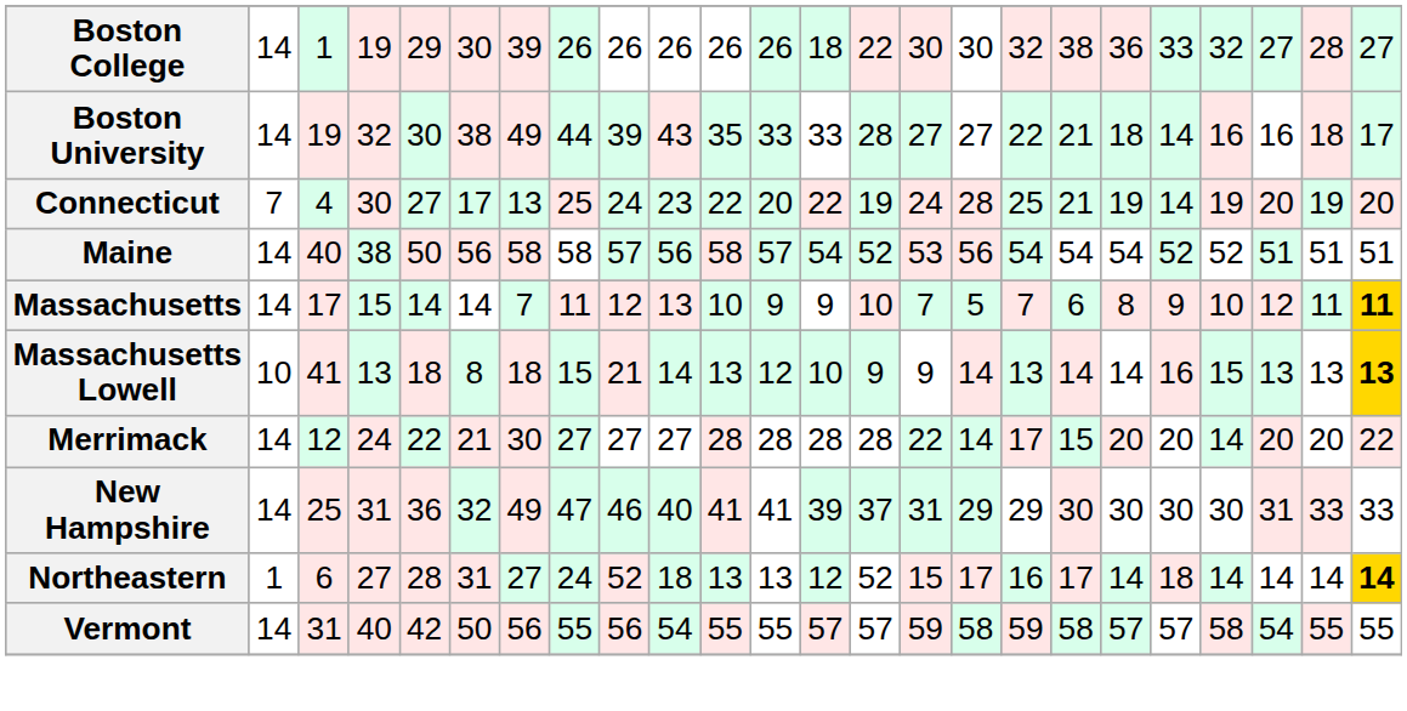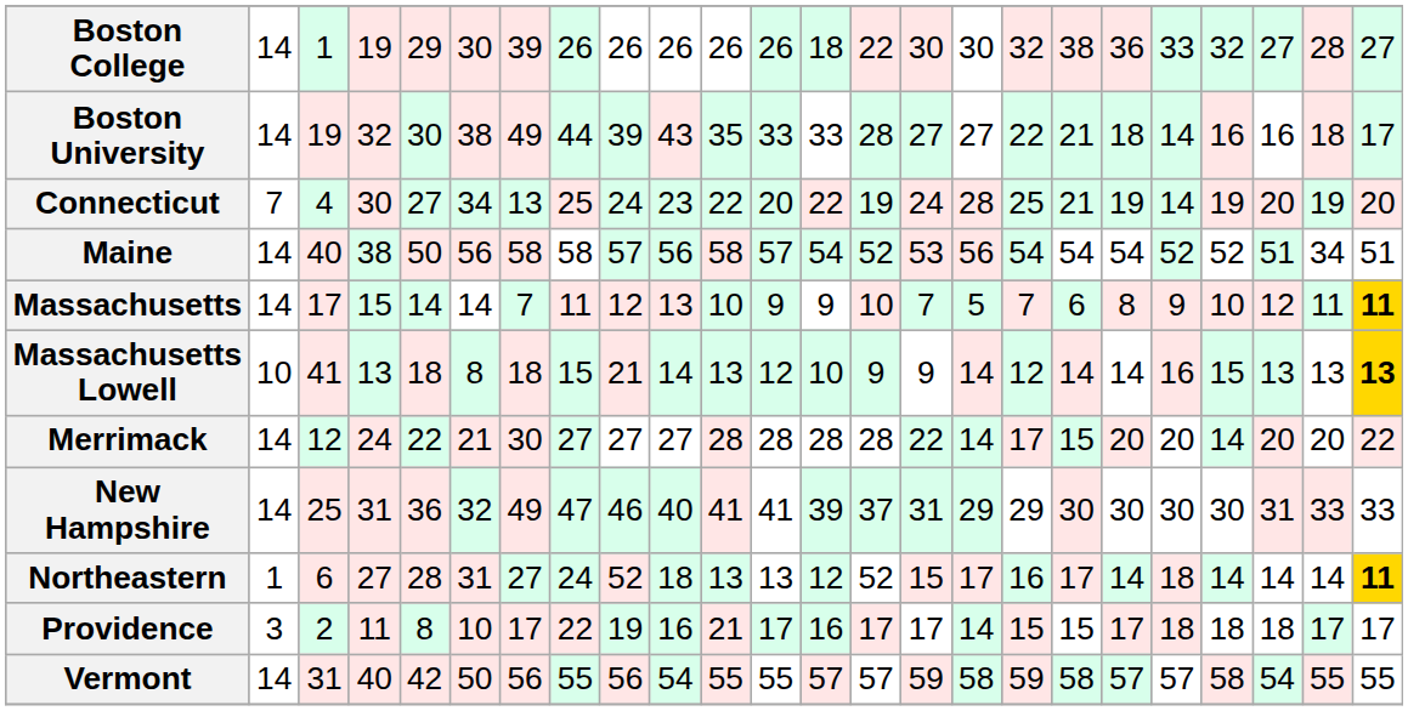 <table class="wikitable sortable" style="text-align: center;">
 <tr>
 </tr>
 <tr>
 <th>Boston College</th>
 <td bgcolor=FFFFFF>14</td>
 <td bgcolor=D8FFEB>1</td>
 <td bgcolor=FFE6E6>19</td>
 <td bgcolor=FFE6E6>29</td>
 <td bgcolor=FFE6E6>30</td>
 <td bgcolor=FFE6E6>39</td>
 <td bgcolor=D8FFEB>26</td>
 <td bgcolor=FFFFFF>26</td>
 <td bgcolor=FFFFFF>26</td>
 <td bgcolor=FFFFFF>26</td>
 <td bgcolor=D8FFEB>26</td>
 <td bgcolor=D8FFEB>18</td>
 <td bgcolor=FFE6E6>22</td>
 <td bgcolor=FFE6E6>30</td>
 <td bgcolor=FFFFFF>30</td>
 <td bgcolor=FFE6E6>32</td>
 <td bgcolor=FFE6E6>38</td>
 <td bgcolor=FFE6E6>36</td>
 <td bgcolor=D8FFEB>33</td>
 <td bgcolor=D8FFEB>32</td>
 <td bgcolor=D8FFEB>27</td>
 <td bgcolor=FFE6E6>28</td>
 <td bgcolor=D8FFEB>27</td>
 </tr>
 <tr>
 <th>Boston University</th>
 <td bgcolor=FFFFFF>14</td>
 <td bgcolor=FFE6E6>19</td>
 <td bgcolor=FFE6E6>32</td>
 <td bgcolor=D8FFEB>30</td>
 <td bgcolor=FFE6E6>38</td>
 <td bgcolor=FFE6E6>49</td>
 <td bgcolor=D8FFEB>44</td>
 <td bgcolor=D8FFEB>39</td>
 <td bgcolor=FFE6E6>43</td>
 <td bgcolor=D8FFEB>35</td>
 <td bgcolor=D8FFEB>33</td>
 <td bgcolor=FFFFFF>33</td>
 <td bgcolor=D8FFEB>28</td>
 <td bgcolor=D8FFEB>27</td>
 <td bgcolor=FFFFFF>27</td>
 <td bgcolor=D8FFEB>22</td>
 <td bgcolor=D8FFEB>21</td>
 <td bgcolor=D8FFEB>18</td>
 <td bgcolor=D8FFEB>14</td>
 <td bgcolor=FFE6E6>16</td>
 <td bgcolor=FFFFFF>16</td>
 <td bgcolor=FFE6E6>18</td>
 <td bgcolor=D8FFEB>17</td>
 </tr>
 <tr>
 <th>Connecticut</th>
 <td bgcolor=FFFFFF>7</td>
 <td bgcolor=D8FFEB>4</td>
 <td bgcolor=FFE6E6>30</td>
 <td bgcolor=D8FFEB>27</td>
-<td bgcolor=D8FFEB>17</td>
+<td bgcolor=D8FFEB>34</td>
 <td bgcolor=D8FFEB>13</td>
 <td bgcolor=FFE6E6>25</td>
 <td bgcolor=D8FFEB>24</td>
 <td bgcolor=D8FFEB>23</td>
 <td bgcolor=D8FFEB>22</td>
 <td bgcolor=D8FFEB>20</td>
 <td bgcolor=FFE6E6>22</td>
 <td bgcolor=D8FFEB>19</td>
 <td bgcolor=FFE6E6>24</td>
 <td bgcolor=FFE6E6>28</td>
 <td bgcolor=D8FFEB>25</td>
 <td bgcolor=D8FFEB>21</td>
 <td bgcolor=D8FFEB>19</td>
 <td bgcolor=D8FFEB>14</td>
 <td bgcolor=FFE6E6>19</td>
 <td bgcolor=FFE6E6>20</td>
 <td bgcolor=D8FFEB>19</td>
 <td bgcolor=FFE6E6>20</td>
 </tr>
 <tr>
 <th>Maine</th>
 <td bgcolor=FFFFFF>14</td>
 <td bgcolor=FFE6E6>40</td>
 <td bgcolor=D8FFEB>38</td>
 <td bgcolor=FFE6E6>50</td>
 <td bgcolor=FFE6E6>56</td>
 <td bgcolor=FFE6E6>58</td>
 <td bgcolor=FFFFFF>58</td>
 <td bgcolor=D8FFEB>57</td>
 <td bgcolor=D8FFEB>56</td>
 <td bgcolor=FFE6E6>58</td>
 <td bgcolor=D8FFEB>57</td>
 <td bgcolor=D8FFEB>54</td>
 <td bgcolor=D8FFEB>52</td>
 <td bgcolor=FFE6E6>53</td>
 <td bgcolor=FFE6E6>56</td>
 <td bgcolor=D8FFEB>54</td>
 <td bgcolor=FFFFFF>54</td>
 <td bgcolor=FFFFFF>54</td>
 <td bgcolor=D8FFEB>52</td>
 <td bgcolor=FFFFFF>52</td>
 <td bgcolor=D8FFEB>51</td>
-<td bgcolor=FFFFFF>51</td>
+<td bgcolor=FFFFFF>34</td>
 <td bgcolor=FFFFFF>51</td>
 </tr>
 <tr>
 <th>Massachusetts</th>
 <td bgcolor=FFFFFF>14</td>
 <td bgcolor=FFE6E6>17</td>
 <td bgcolor=D8FFEB>15</td>
 <td bgcolor=D8FFEB>14</td>
 <td bgcolor=FFFFFF>14</td>
 <td bgcolor=D8FFEB>7</td>
 <td bgcolor=FFE6E6>11</td>
 <td bgcolor=FFE6E6>12</td>
 <td bgcolor=FFE6E6>13</td>
 <td bgcolor=D8FFEB>10</td>
 <td bgcolor=D8FFEB>9</td>
 <td bgcolor=FFFFFF>9</td>
 <td bgcolor=FFE6E6>10</td>
 <td bgcolor=D8FFEB>7</td>
 <td bgcolor=D8FFEB>5</td>
 <td bgcolor=FFE6E6>7</td>
 <td bgcolor=D8FFEB>6</td>
 <td bgcolor=FFE6E6>8</td>
 <td bgcolor=FFE6E6>9</td>
 <td bgcolor=FFE6E6>10</td>
 <td bgcolor=FFE6E6>12</td>
 <td bgcolor=D8FFEB>11</td>
 <td bgcolor=gold><strong>11</strong></td>
 </tr>
 <tr>
 <th>Massachusetts Lowell</th>
 <td bgcolor=FFFFFF>10</td>
 <td bgcolor=FFE6E6>41</td>
 <td bgcolor=D8FFEB>13</td>
 <td bgcolor=FFE6E6>18</td>
 <td bgcolor=D8FFEB>8</td>
 <td bgcolor=FFE6E6>18</td>
 <td bgcolor=D8FFEB>15</td>
 <td bgcolor=FFE6E6>21</td>
 <td bgcolor=D8FFEB>14</td>
 <td bgcolor=D8FFEB>13</td>
 <td bgcolor=D8FFEB>12</td>
 <td bgcolor=D8FFEB>10</td>
 <td bgcolor=D8FFEB>9</td>
 <td bgcolor=FFFFFF>9</td>
 <td bgcolor=FFE6E6>14</td>
-<td bgcolor=D8FFEB>13</td>
+<td bgcolor=D8FFEB>12</td>
 <td bgcolor=FFE6E6>14</td>
 <td bgcolor=FFFFFF>14</td>
 <td bgcolor=FFE6E6>16</td>
 <td bgcolor=D8FFEB>15</td>
 <td bgcolor=D8FFEB>13</td>
 <td bgcolor=FFFFFF>13</td>
 <td bgcolor=gold><strong>13</strong></td>
 </tr>
 <tr>
 <th>Merrimack</th>
 <td bgcolor=FFFFFF>14</td>
 <td bgcolor=D8FFEB>12</td>
 <td bgcolor=FFE6E6>24</td>
 <td bgcolor=D8FFEB>22</td>
 <td bgcolor=FFE6E6>21</td>
 <td bgcolor=FFE6E6>30</td>
 <td bgcolor=D8FFEB>27</td>
 <td bgcolor=FFFFFF>27</td>
 <td bgcolor=FFFFFF>27</td>
 <td bgcolor=FFE6E6>28</td>
 <td bgcolor=FFFFFF>28</td>
 <td bgcolor=FFFFFF>28</td>
 <td bgcolor=FFFFFF>28</td>
 <td bgcolor=D8FFEB>22</td>
 <td bgcolor=D8FFEB>14</td>
 <td bgcolor=FFE6E6>17</td>
 <td bgcolor=D8FFEB>15</td>
 <td bgcolor=FFE6E6>20</td>
 <td bgcolor=FFFFFF>20</td>
 <td bgcolor=D8FFEB>14</td>
 <td bgcolor=FFE6E6>20</td>
 <td bgcolor=FFFFFF>20</td>
 <td bgcolor=FFE6E6>22</td>
 </tr>
 <tr>
 <th>New Hampshire</th>
 <td bgcolor=FFFFFF>14</td>
 <td bgcolor=FFE6E6>25</td>
 <td bgcolor=FFE6E6>31</td>
 <td bgcolor=FFE6E6>36</td>
 <td bgcolor=D8FFEB>32</td>
 <td bgcolor=FFE6E6>49</td>
 <td bgcolor=D8FFEB>47</td>
 <td bgcolor=D8FFEB>46</td>
 <td bgcolor=D8FFEB>40</td>
 <td bgcolor=FFE6E6>41</td>
 <td bgcolor=FFFFFF>41</td>
 <td bgcolor=D8FFEB>39</td>
 <td bgcolor=D8FFEB>37</td>
 <td bgcolor=D8FFEB>31</td>
 <td bgcolor=D8FFEB>29</td>
 <td bgcolor=FFFFFF>29</td>
 <td bgcolor=FFE6E6>30</td>
 <td bgcolor=FFFFFF>30</td>
 <td bgcolor=FFFFFF>30</td>
 <td bgcolor=FFFFFF>30</td>
 <td bgcolor=FFE6E6>31</td>
 <td bgcolor=FFE6E6>33</td>
 <td bgcolor=FFFFFF>33</td>
 </tr>
 <tr>
 <th>Northeastern</th>
 <td bgcolor=FFFFFF>1</td>
 <td bgcolor=FFE6E6>6</td>
 <td bgcolor=FFE6E6>27</td>
 <td bgcolor=FFE6E6>28</td>
 <td bgcolor=FFE6E6>31</td>
 <td bgcolor=D8FFEB>27</td>
 <td bgcolor=D8FFEB>24</td>
 <td bgcolor=FFE6E6>52</td>
 <td bgcolor=D8FFEB>18</td>
 <td bgcolor=D8FFEB>13</td>
 <td bgcolor=FFFFFF>13</td>
 <td bgcolor=D8FFEB>12</td>
 <td bgcolor=FFFFFF>52</td>
 <td bgcolor=FFE6E6>15</td>
 <td bgcolor=FFE6E6>17</td>
 <td bgcolor=D8FFEB>16</td>
 <td bgcolor=FFE6E6>17</td>
 <td bgcolor=D8FFEB>14</td>
 <td bgcolor=FFE6E6>18</td>
 <td bgcolor=D8FFEB>14</td>
 <td bgcolor=FFFFFF>14</td>
 <td bgcolor=FFFFFF>14</td>
-<td bgcolor=gold><strong>14</strong></td>
+<td bgcolor=gold><strong>11</strong></td>
+</tr>
+<tr>
+<th>Providence</th>
+<td bgcolor=FFFFFF>3</td>
+<td bgcolor=D8FFEB>2</td>
+<td bgcolor=FFE6E6>11</td>
+<td bgcolor=D8FFEB>8</td>
+<td bgcolor=FFE6E6>10</td>
+<td bgcolor=FFE6E6>17</td>
+<td bgcolor=FFE6E6>22</td>
+<td bgcolor=D8FFEB>19</td>
+<td bgcolor=D8FFEB>16</td>
+<td bgcolor=FFE6E6>21</td>
+<td bgcolor=D8FFEB>17</td>
+<td bgcolor=D8FFEB>16</td>
+<td bgcolor=FFE6E6>17</td>
+<td bgcolor=FFFFFF>17</td>
+<td bgcolor=D8FFEB>14</td>
+<td bgcolor=FFE6E6>15</td>
+<td bgcolor=FFFFFF>15</td>
+<td bgcolor=FFE6E6>17</td>
+<td bgcolor=FFE6E6>18</td>
+<td bgcolor=FFFFFF>18</td>
+<td bgcolor=FFFFFF>18</td>
+<td bgcolor=D8FFEB>17</td>
+<td bgcolor=FFFFFF>17</td>
 </tr>
 <tr>
 <th>Vermont</th>
 <td bgcolor=FFFFFF>14</td>
 <td bgcolor=FFE6E6>31</td>
 <td bgcolor=FFE6E6>40</td>
 <td bgcolor=FFE6E6>42</td>
 <td bgcolor=FFE6E6>50</td>
 <td bgcolor=FFE6E6>56</td>
 <td bgcolor=D8FFEB>55</td>
 <td bgcolor=FFE6E6>56</td>
 <td bgcolor=D8FFEB>54</td>
 <td bgcolor=FFE6E6>55</td>
 <td bgcolor=FFFFFF>55</td>
 <td bgcolor=FFE6E6>57</td>
 <td bgcolor=FFFFFF>57</td>
 <td bgcolor=FFE6E6>59</td>
 <td bgcolor=D8FFEB>58</td>
 <td bgcolor=FFE6E6>59</td>
 <td bgcolor=D8FFEB>58</td>
 <td bgcolor=D8FFEB>57</td>
 <td bgcolor=FFFFFF>57</td>
 <td bgcolor=FFE6E6>58</td>
 <td bgcolor=D8FFEB>54</td>
 <td bgcolor=FFE6E6>55</td>
 <td bgcolor=FFFFFF>55</td>
 </tr>
 <tr>
 </tr>
 </table>
